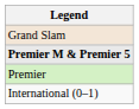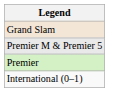 <table class="wikitable" style="font-size:90%">
 <tr>
 <th>Legend</th>
 </tr>
 <tr>
 <td style="background:#f3e6d7;">Grand Slam</td>
 </tr>
 <tr>
-<td style="background:#e9e9e9;"><strong>Premier M & Premier 5</strong></td>
+<td style="background:#e9e9e9;">Premier M & Premier 5</td>
 </tr>
 <tr>
 <td style="background:#d4f1c5;">Premier</td>
 </tr>
 <tr>
 <td>International (0–1)</td>
 </tr>
 </table>
